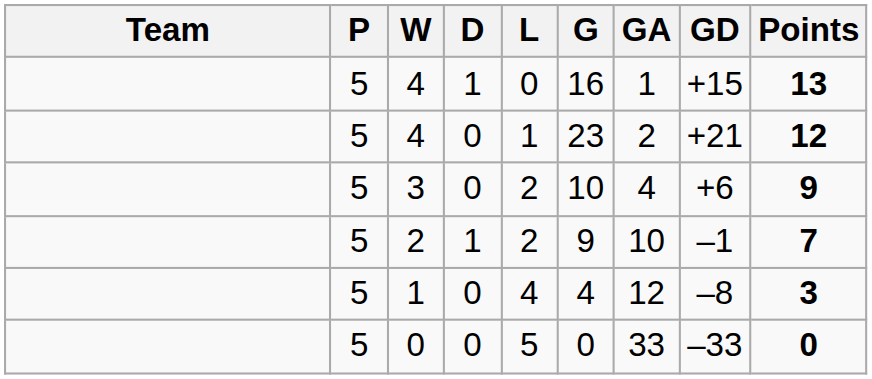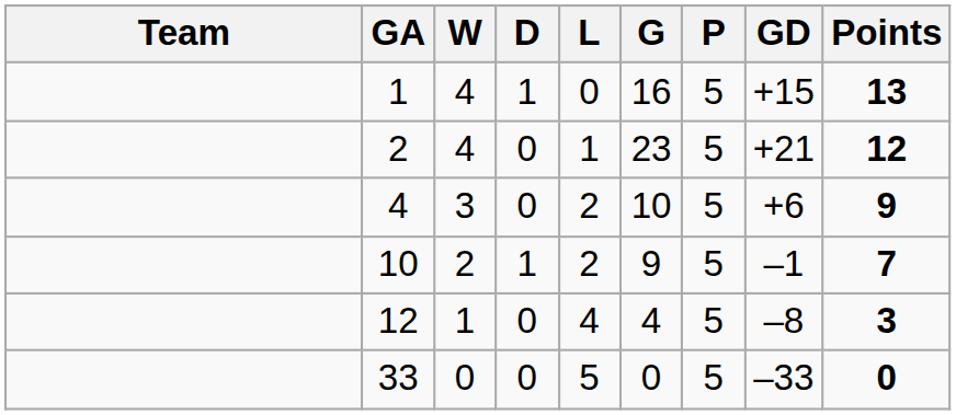 <table class="wikitable" style="text-align:center;">
 <tr>
 <th width=150>Team</th>
-<th width=20>P</th>
+<th width=20>GA</th>
 <th width=20>W</th>
 <th width=20>D</th>
 <th width=20>L</th>
 <th width=20>G</th>
-<th width=20>GA</th>
+<th width=20>P</th>
 <th width=20>GD</th>
 <th width=20>Points</th>
 </tr>
 <tr>
 <td align="left"></td>
-<td>5</td>
+<td>1</td>
 <td>4</td>
 <td>1</td>
 <td>0</td>
 <td>16</td>
-<td>1</td>
+<td>5</td>
 <td>+15</td>
 <td><strong>13</strong></td>
 </tr>
 <tr>
 <td align="left"></td>
-<td>5</td>
+<td>2</td>
 <td>4</td>
 <td>0</td>
 <td>1</td>
 <td>23</td>
-<td>2</td>
+<td>5</td>
 <td>+21</td>
 <td><strong>12</strong></td>
 </tr>
 <tr>
 <td align="left"></td>
-<td>5</td>
+<td>4</td>
 <td>3</td>
 <td>0</td>
 <td>2</td>
 <td>10</td>
-<td>4</td>
+<td>5</td>
 <td>+6</td>
 <td><strong>9</strong></td>
 </tr>
 <tr>
 <td align="left"></td>
-<td>5</td>
+<td>10</td>
 <td>2</td>
 <td>1</td>
 <td>2</td>
 <td>9</td>
-<td>10</td>
+<td>5</td>
 <td>–1</td>
 <td><strong>7</strong></td>
 </tr>
 <tr>
 <td align="left"></td>
-<td>5</td>
+<td>12</td>
 <td>1</td>
 <td>0</td>
 <td>4</td>
 <td>4</td>
-<td>12</td>
+<td>5</td>
 <td>–8</td>
 <td><strong>3</strong></td>
 </tr>
 <tr>
 <td align="left"></td>
-<td>5</td>
+<td>33</td>
 <td>0</td>
 <td>0</td>
 <td>5</td>
 <td>0</td>
-<td>33</td>
+<td>5</td>
 <td>–33</td>
 <td><strong>0</strong></td>
 </tr>
 </table>
